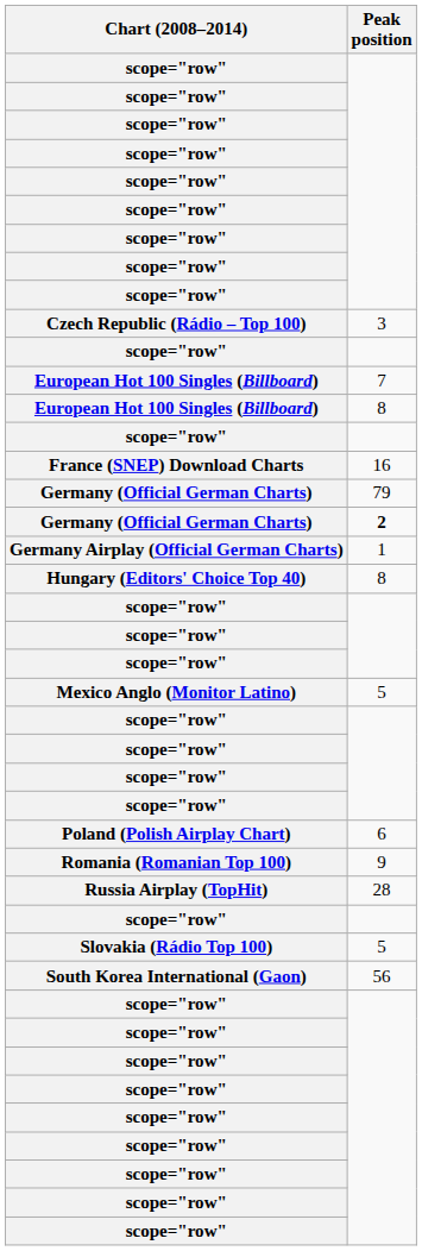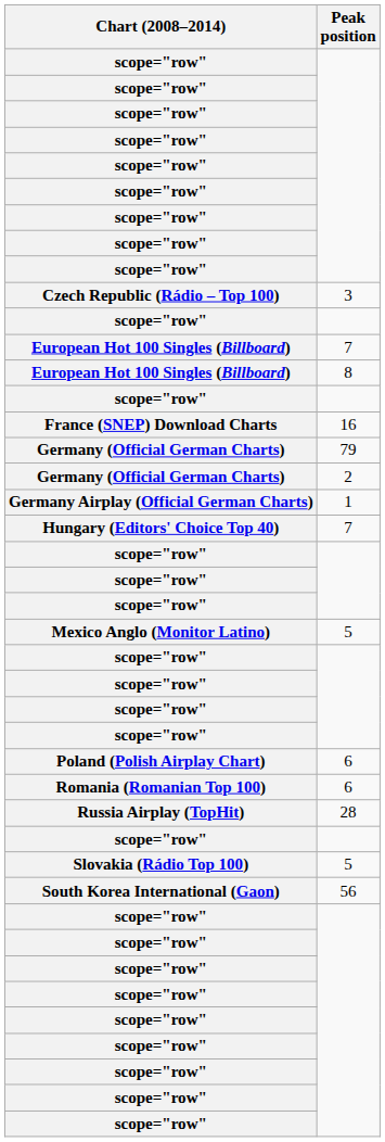 <table class="wikitable sortable plainrowheaders">
 <tr>
 <th scope="col">Chart (2008–2014)</th>
 <th scope="col">Peak<br>position</th>
 </tr>
 <tr>
 <th>scope="row" </th>
 </tr>
 <tr>
 <th>scope="row" </th>
 </tr>
 <tr>
 <th>scope="row" </th>
 </tr>
 <tr>
 <th>scope="row" </th>
 </tr>
 <tr>
 <th>scope="row" </th>
 </tr>
 <tr>
 <th>scope="row" </th>
 </tr>
 <tr>
 <th>scope="row" </th>
 </tr>
 <tr>
 <th>scope="row" </th>
 </tr>
 <tr>
 <th>scope="row" </th>
 </tr>
 <tr>
 <th scope="row">Czech Republic (<a href='#'>Rádio – Top 100</a>)</th>
 <td style="text-align:center;">3</td>
 </tr>
 <tr>
 <th>scope="row" </th>
 </tr>
 <tr>
 <th scope="row"><a href='#'>European Hot 100 Singles</a> (<em><a href='#'>Billboard</a></em>)</th>
 <td style="text-align:center;">7</td>
 </tr>
 <tr>
 <th scope="row"><a href='#'>European Hot 100 Singles</a> (<em><a href='#'>Billboard</a></em>)<br></th>
 <td style="text-align:center;">8</td>
 </tr>
 <tr>
 <th>scope="row" </th>
 </tr>
 <tr>
 <th scope="row">France (<a href='#'>SNEP</a>) Download Charts</th>
 <td style="text-align:center;">16</td>
 </tr>
 <tr>
 <th scope="row">Germany (<a href='#'>Official German Charts</a>)</th>
 <td style="text-align:center;">79</td>
 </tr>
 <tr>
 <th scope="row">Germany (<a href='#'>Official German Charts</a>)<br></th>
-<td style="text-align:center;"><strong>2</strong></td>
+<td style="text-align:center;">2</td>
 </tr>
 <tr>
 <th scope="row">Germany Airplay (<a href='#'>Official German Charts</a>)</th>
 <td style="text-align:center;">1</td>
 </tr>
 <tr>
 <th scope="row">Hungary (<a href='#'>Editors' Choice Top 40</a>)</th>
-<td style="text-align:center;">8</td>
+<td style="text-align:center;">7</td>
 </tr>
 <tr>
 <th>scope="row" </th>
 </tr>
 <tr>
 <th>scope="row" </th>
 </tr>
 <tr>
 <th>scope="row" </th>
 </tr>
 <tr>
 <th scope="row">Mexico Anglo (<a href='#'>Monitor Latino</a>)</th>
 <td style="text-align:center;">5</td>
 </tr>
 <tr>
 <th>scope="row" </th>
 </tr>
 <tr>
 <th>scope="row" </th>
 </tr>
 <tr>
 <th>scope="row" </th>
 </tr>
 <tr>
 <th>scope="row" </th>
 </tr>
 <tr>
 <th scope="row">Poland (<a href='#'>Polish Airplay Chart</a>)</th>
 <td style="text-align:center;">6</td>
 </tr>
 <tr>
 <th scope="row">Romania (<a href='#'>Romanian Top 100</a>)</th>
-<td style="text-align:center;">9</td>
+<td style="text-align:center;">6</td>
 </tr>
 <tr>
 <th scope="row">Russia Airplay (<a href='#'>TopHit</a>)</th>
 <td style="text-align:center;">28</td>
 </tr>
 <tr>
 <th>scope="row" </th>
 </tr>
 <tr>
 <th scope="row">Slovakia (<a href='#'>Rádio Top 100</a>)</th>
 <td style="text-align:center;">5</td>
 </tr>
 <tr>
 <th scope="row">South Korea International (<a href='#'>Gaon</a>)</th>
 <td style="text-align:center;">56</td>
 </tr>
 <tr>
 <th>scope="row" </th>
 </tr>
 <tr>
 <th>scope="row" </th>
 </tr>
 <tr>
 <th>scope="row" </th>
 </tr>
 <tr>
 <th>scope="row" </th>
 </tr>
 <tr>
 <th>scope="row" </th>
 </tr>
 <tr>
 <th>scope="row" </th>
 </tr>
 <tr>
 <th>scope="row" </th>
 </tr>
 <tr>
 <th>scope="row" </th>
 </tr>
 <tr>
 <th>scope="row" </th>
 </tr>
 </table>
